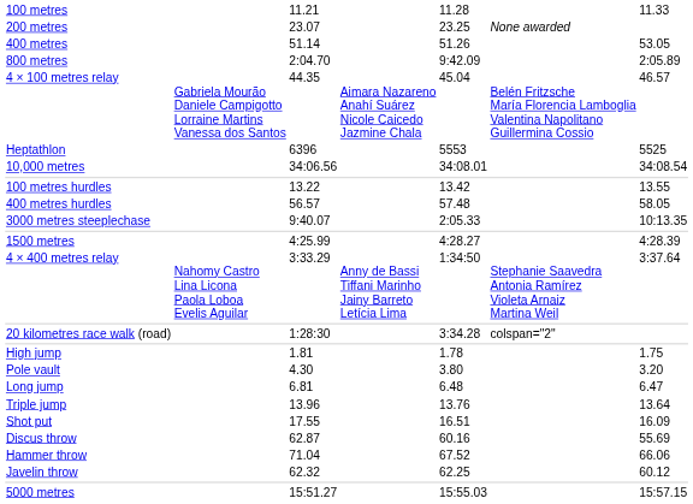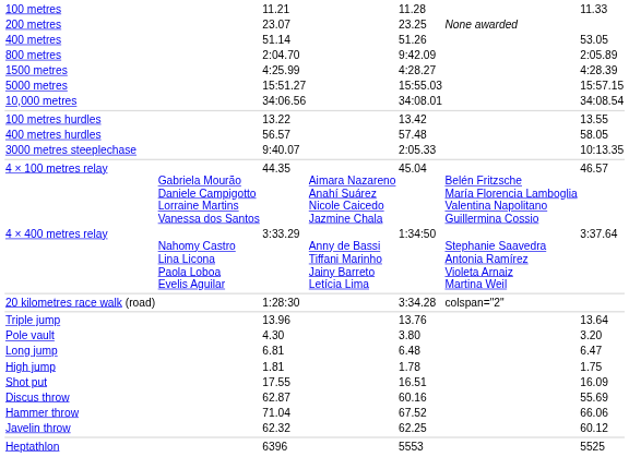 <table>
 <tr>
 <td><a href='#'>100 metres</a></td>
 <td></td>
 <td>11.21</td>
 <td></td>
 <td>11.28</td>
 <td></td>
 <td>11.33</td>
 </tr>
 <tr>
 <td rowspan=2><a href='#'>200 metres</a></td>
 <td rowspan=2></td>
 <td rowspan=2>23.07</td>
 <td></td>
 <td rowspan=2>23.25</td>
 <td colspan=2 rowspan=2><em>None awarded</em></td>
 </tr>
 <tr>
 <td></td>
 </tr>
 <tr>
 <td><a href='#'>400 metres</a></td>
 <td></td>
 <td>51.14</td>
 <td></td>
 <td>51.26</td>
 <td></td>
 <td>53.05</td>
 </tr>
 <tr>
 <td><a href='#'>800 metres</a></td>
 <td></td>
 <td>2:04.70</td>
 <td></td>
 <td>9:42.09</td>
 <td></td>
 <td>2:05.89</td>
 </tr>
-<tr valign="top">
-<td><a href='#'>4 × 100 metres relay</a></td>
-<td><br><a href='#'>Gabriela Mourão</a><br><a href='#'>Daniele Campigotto</a><br><a href='#'>Lorraine Martins</a><br><a href='#'>Vanessa dos Santos</a></td>
-<td>44.35</td>
-<td><br><a href='#'>Aimara Nazareno</a><br><a href='#'>Anahí Suárez</a><br><a href='#'>Nicole Caicedo</a><br><a href='#'>Jazmine Chala</a></td>
-<td>45.04</td>
-<td><br><a href='#'>Belén Fritzsche</a><br><a href='#'>María Florencia Lamboglia</a><br><a href='#'>Valentina Napolitano</a><br><a href='#'>Guillermina Cossio</a></td>
-<td>46.57</td>
+<tr>
+<td><a href='#'>1500 metres</a></td>
+<td></td>
+<td>4:25.99</td>
+<td></td>
+<td>4:28.27</td>
+<td></td>
+<td>4:28.39</td>
 </tr>
 <tr>
-<td><a href='#'>Heptathlon</a></td>
+<td><a href='#'>5000 metres</a></td>
 <td></td>
-<td>6396 </td>
+<td>15:51.27</td>
 <td></td>
-<td>5553</td>
+<td>15:55.03</td>
 <td></td>
-<td>5525</td>
+<td>15:57.15</td>
 </tr>
 <tr>
 <td><a href='#'>10,000 metres</a></td>
 <td></td>
 <td>34:06.56</td>
 <td></td>
 <td>34:08.01</td>
 <td></td>
 <td>34:08.54</td>
 </tr>
 <tr bgcolor=#DDDDDD>
 <td colspan=7></td>
 </tr>
 <tr>
 <td><a href='#'>100 metres hurdles</a></td>
 <td></td>
 <td>13.22</td>
 <td></td>
 <td>13.42</td>
 <td></td>
 <td>13.55</td>
 </tr>
 <tr>
 <td><a href='#'>400 metres hurdles</a></td>
 <td></td>
 <td>56.57</td>
 <td></td>
 <td>57.48</td>
 <td></td>
 <td>58.05</td>
 </tr>
 <tr>
 <td><a href='#'>3000 metres steeplechase</a></td>
 <td></td>
 <td>9:40.07</td>
 <td></td>
 <td>2:05.33</td>
 <td></td>
 <td>10:13.35</td>
 </tr>
 <tr bgcolor=#DDDDDD>
 <td colspan=7></td>
 </tr>
-<tr>
-<td><a href='#'>1500 metres</a></td>
-<td></td>
-<td>4:25.99</td>
-<td></td>
-<td>4:28.27</td>
-<td></td>
-<td>4:28.39</td>
+<tr valign="top">
+<td><a href='#'>4 × 100 metres relay</a></td>
+<td><br><a href='#'>Gabriela Mourão</a><br><a href='#'>Daniele Campigotto</a><br><a href='#'>Lorraine Martins</a><br><a href='#'>Vanessa dos Santos</a></td>
+<td>44.35</td>
+<td><br><a href='#'>Aimara Nazareno</a><br><a href='#'>Anahí Suárez</a><br><a href='#'>Nicole Caicedo</a><br><a href='#'>Jazmine Chala</a></td>
+<td>45.04</td>
+<td><br><a href='#'>Belén Fritzsche</a><br><a href='#'>María Florencia Lamboglia</a><br><a href='#'>Valentina Napolitano</a><br><a href='#'>Guillermina Cossio</a></td>
+<td>46.57</td>
 </tr>
 <tr valign="top">
 <td><a href='#'>4 × 400 metres relay</a></td>
 <td><br><a href='#'>Nahomy Castro</a><br><a href='#'>Lina Licona</a><br><a href='#'>Paola Loboa</a><br><a href='#'>Evelis Aguilar</a></td>
 <td>3:33.29</td>
 <td><br><a href='#'>Anny de Bassi</a><br><a href='#'>Tiffani Marinho</a><br><a href='#'>Jainy Barreto</a><br><a href='#'>Letícia Lima</a></td>
 <td>1:34:50</td>
 <td><br><a href='#'>Stephanie Saavedra</a><br><a href='#'>Antonia Ramírez</a><br><a href='#'>Violeta Arnaiz</a><br><a href='#'>Martina Weil</a></td>
 <td>3:37.64</td>
 </tr>
 <tr bgcolor=#DDDDDD>
 <td colspan=7></td>
 </tr>
 <tr>
 <td><a href='#'>20 kilometres race walk</a> (road)</td>
 <td></td>
 <td>1:28:30 </td>
 <td></td>
 <td>3:34.28</td>
 <td>colspan="2" </td>
 </tr>
 <tr bgcolor=#DDDDDD>
 <td colspan=7></td>
 </tr>
 <tr>
-<td><a href='#'>High jump</a></td>
+<td><a href='#'>Triple jump</a></td>
 <td></td>
-<td>1.81</td>
+<td>13.96</td>
 <td></td>
-<td>1.78</td>
+<td>13.76</td>
 <td></td>
-<td>1.75</td>
+<td>13.64</td>
 </tr>
 <tr>
 <td><a href='#'>Pole vault</a></td>
 <td></td>
 <td>4.30</td>
 <td></td>
 <td>3.80</td>
 <td></td>
 <td>3.20</td>
 </tr>
 <tr>
 <td><a href='#'>Long jump</a></td>
 <td></td>
 <td>6.81</td>
 <td></td>
 <td>6.48</td>
 <td></td>
 <td>6.47</td>
 </tr>
 <tr>
-<td><a href='#'>Triple jump</a></td>
+<td><a href='#'>High jump</a></td>
 <td></td>
-<td>13.96</td>
+<td>1.81</td>
 <td></td>
-<td>13.76</td>
+<td>1.78</td>
 <td></td>
-<td>13.64</td>
+<td>1.75</td>
 </tr>
 <tr>
 <td><a href='#'>Shot put</a></td>
 <td></td>
 <td>17.55</td>
 <td></td>
 <td>16.51</td>
 <td></td>
 <td>16.09</td>
 </tr>
 <tr>
 <td><a href='#'>Discus throw</a> </td>
 <td></td>
 <td>62.87</td>
 <td></td>
 <td>60.16</td>
 <td></td>
 <td>55.69</td>
 </tr>
 <tr>
 <td><a href='#'>Hammer throw</a></td>
 <td></td>
 <td>71.04</td>
 <td></td>
 <td>67.52</td>
 <td></td>
 <td>66.06</td>
 </tr>
 <tr>
 <td><a href='#'>Javelin throw</a></td>
 <td></td>
 <td>62.32 </td>
 <td></td>
 <td>62.25 </td>
 <td></td>
 <td>60.12</td>
 </tr>
 <tr bgcolor=#DDDDDD>
 <td colspan=7></td>
 </tr>
 <tr>
-<td><a href='#'>5000 metres</a></td>
+<td><a href='#'>Heptathlon</a></td>
 <td></td>
-<td>15:51.27</td>
+<td>6396 </td>
 <td></td>
-<td>15:55.03</td>
+<td>5553</td>
 <td></td>
-<td>15:57.15</td>
+<td>5525</td>
 </tr>
 </table>
